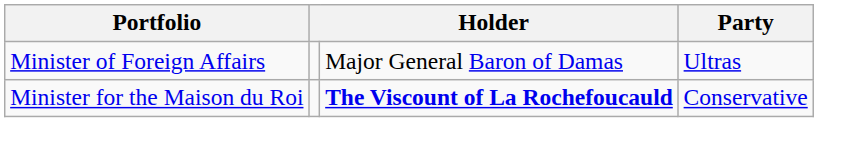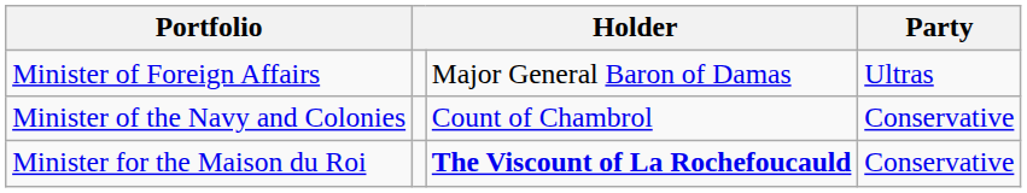 <table class="wikitable">
 <tr>
 <th>Portfolio</th>
 <th colspan=2>Holder</th>
 <th>Party</th>
 </tr>
 <tr>
 <td><a href='#'>Minister of Foreign Affairs</a></td>
 <td style="background:"></td>
 <td>Major General <a href='#'>Baron of Damas</a></td>
 <td><a href='#'>Ultras</a></td>
 </tr>
 <tr>
+<td><a href='#'>Minister of the Navy and Colonies</a></td>
+<td style="background:"></td>
+<td><a href='#'>Count of Chambrol</a></td>
+<td><a href='#'>Conservative</a></td>
+</tr>
+<tr>
 <td><a href='#'>Minister for the Maison du Roi</a></td>
 <td style="background:"></td>
 <td><strong><a href='#'>The Viscount of La Rochefoucauld</a></strong></td>
 <td><a href='#'>Conservative</a></td>
 </tr>
 </table>
